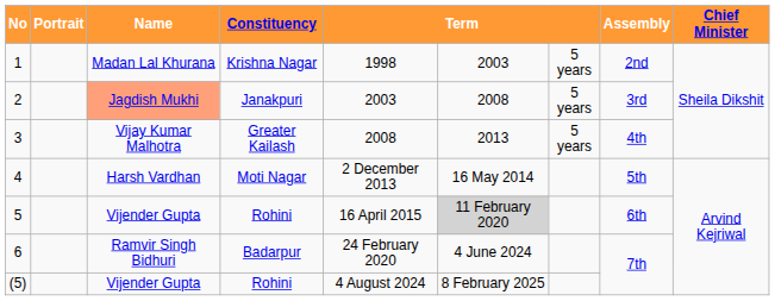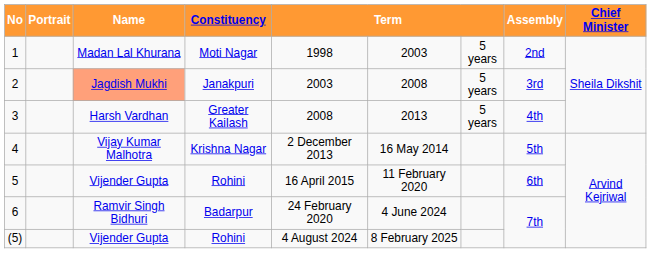 <table class="wikitable" style="text-align:center;">
 <tr>
 <th style="background-color:#FF9933; color:white">No</th>
 <th style="background-color:#FF9933; color:white">Portrait</th>
 <th style="background-color:#FF9933; color:white">Name</th>
 <th style="background-color:#FF9933; color:white"><a href='#'>Constituency</a></th>
 <th colspan="3" style="background-color:#FF9933; color:white">Term</th>
 <th style="background-color:#FF9933; color:white">Assembly</th>
 <th style="background-color:#FF9933; color:white"><a href='#'>Chief Minister</a></th>
 </tr>
 <tr>
 <td>1</td>
 <td></td>
 <td><a href='#'>Madan Lal Khurana</a></td>
-<td><a href='#'>Krishna Nagar</a></td>
+<td><a href='#'>Moti Nagar</a></td>
 <td>1998</td>
 <td>2003</td>
 <td>5 years</td>
 <td><a href='#'>2nd</a></td>
 <td rowspan="3"><a href='#'>Sheila Dikshit</a></td>
 </tr>
 <tr>
 <td>2</td>
 <td></td>
 <td style="background: lightsalmon;"><a href='#'>Jagdish Mukhi</a></td>
 <td><a href='#'>Janakpuri</a></td>
 <td>2003</td>
 <td>2008</td>
 <td>5 years</td>
 <td><a href='#'>3rd</a></td>
 </tr>
 <tr>
 <td>3</td>
 <td></td>
-<td><a href='#'>Vijay Kumar Malhotra</a></td>
+<td><a href='#'>Harsh Vardhan</a></td>
 <td><a href='#'>Greater Kailash</a></td>
 <td>2008</td>
 <td>2013</td>
 <td>5 years</td>
 <td><a href='#'>4th</a></td>
 </tr>
 <tr>
 <td>4</td>
 <td></td>
-<td><a href='#'>Harsh Vardhan</a></td>
-<td><a href='#'>Moti Nagar</a></td>
+<td><a href='#'>Vijay Kumar Malhotra</a></td>
+<td><a href='#'>Krishna Nagar</a></td>
 <td>2 December 2013</td>
 <td>16 May 2014</td>
 <td></td>
 <td><a href='#'>5th</a></td>
 <td rowspan="4"><a href='#'>Arvind Kejriwal</a></td>
 </tr>
 <tr>
 <td>5</td>
 <td></td>
 <td><a href='#'>Vijender Gupta</a></td>
 <td><a href='#'>Rohini</a></td>
 <td>16 April 2015</td>
-<td style="background: lightgrey;">11 February 2020</td>
+<td>11 February 2020</td>
 <td></td>
 <td><a href='#'>6th</a></td>
 </tr>
 <tr>
 <td>6</td>
 <td></td>
 <td><a href='#'>Ramvir Singh Bidhuri</a></td>
 <td><a href='#'>Badarpur</a></td>
 <td>24 February 2020</td>
 <td>4 June 2024</td>
 <td></td>
 <td rowspan="2"><a href='#'>7th</a></td>
 </tr>
 <tr>
 <td>(5)</td>
 <td></td>
 <td><a href='#'>Vijender Gupta</a></td>
 <td><a href='#'>Rohini</a></td>
 <td>4 August 2024</td>
 <td>8 February 2025</td>
 <td></td>
 </tr>
 </table>
